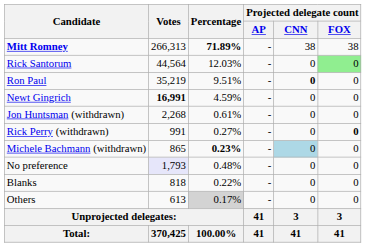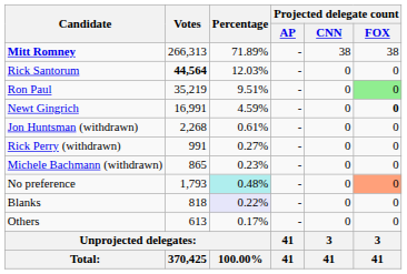 <table class="wikitable" style="text-align:right;">
 <tr>
 <th rowspan="2">Candidate</th>
 <th rowspan="2">Votes</th>
 <th rowspan="2">Percentage</th>
 <th colspan="3">Projected delegate count</th>
 </tr>
 <tr>
 <th><a href='#'>AP</a></th>
 <th><a href='#'>CNN</a><br></th>
 <th><a href='#'>FOX</a><br></th>
 </tr>
 <tr>
 <td style="text-align:left;">  <strong><a href='#'>Mitt Romney</a></strong></td>
 <td>266,313</td>
-<td><strong>71.89%</strong></td>
+<td>71.89%</td>
 <td>-</td>
 <td>38</td>
 <td>38</td>
 </tr>
 <tr>
 <td style="text-align:left;"><a href='#'>Rick Santorum</a></td>
-<td>44,564</td>
+<td><strong>44,564</strong></td>
 <td>12.03%</td>
 <td>-</td>
 <td>0</td>
-<td style="background: lightgreen;">0</td>
+<td>0</td>
 </tr>
 <tr>
 <td style="text-align:left;"><a href='#'>Ron Paul</a></td>
 <td>35,219</td>
 <td>9.51%</td>
 <td>-</td>
-<td><strong>0</strong></td>
 <td>0</td>
+<td style="background: lightgreen;">0</td>
 </tr>
 <tr>
 <td style="text-align:left;"><a href='#'>Newt Gingrich</a></td>
-<td><strong>16,991</strong></td>
+<td>16,991</td>
 <td>4.59%</td>
 <td>-</td>
 <td>0</td>
-<td>0</td>
+<td><strong>0</strong></td>
 </tr>
 <tr>
 <td style="text-align:left;"><a href='#'>Jon Huntsman</a> (withdrawn)</td>
 <td>2,268</td>
 <td>0.61%</td>
 <td>-</td>
 <td>0</td>
 <td>0</td>
 </tr>
 <tr>
 <td style="text-align:left;"><a href='#'>Rick Perry</a> (withdrawn)</td>
 <td>991</td>
 <td>0.27%</td>
 <td>-</td>
 <td>0</td>
-<td><strong>0</strong></td>
+<td>0</td>
 </tr>
 <tr>
 <td style="text-align:left;"><a href='#'>Michele Bachmann</a> (withdrawn)</td>
 <td>865</td>
-<td><strong>0.23%</strong></td>
-<td>-</td>
-<td style="background: lightblue;">0</td>
-<td>0</td>
-</tr>
-<tr>
-<td style="text-align:left;">No preference</td>
-<td style="background: lavender;">1,793</td>
-<td>0.48%</td>
+<td>0.23%</td>
 <td>-</td>
 <td>0</td>
 <td>0</td>
 </tr>
 <tr>
+<td style="text-align:left;">No preference</td>
+<td>1,793</td>
+<td style="background: paleturquoise;">0.48%</td>
+<td>-</td>
+<td>0</td>
+<td style="background: lightsalmon;">0</td>
+</tr>
+<tr>
 <td style="text-align:left;">Blanks</td>
 <td>818</td>
-<td>0.22%</td>
+<td style="background: lavender;">0.22%</td>
 <td>-</td>
 <td>0</td>
 <td>0</td>
 </tr>
 <tr>
 <td style="text-align:left;">Others</td>
 <td>613</td>
-<td style="background: lightgrey;">0.17%</td>
+<td>0.17%</td>
 <td>-</td>
 <td>0</td>
 <td>0</td>
 </tr>
 <tr style="background:#eee;">
 <th colspan="3">Unprojected delegates:</th>
 <th>41</th>
 <th>3</th>
 <th>3</th>
 </tr>
 <tr style="background:#eee;">
 <th>Total:</th>
 <th>370,425</th>
 <th>100.00%</th>
 <th>41</th>
 <th>41</th>
 <th>41</th>
 </tr>
 </table>
